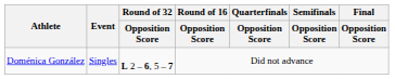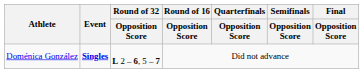 <table class="wikitable" border="1" style="font-size:90%">
 <tr>
 <th rowspan=2>Athlete</th>
 <th rowspan=2>Event</th>
 <th>Round of 32</th>
 <th>Round of 16</th>
 <th>Quarterfinals</th>
 <th>Semifinals</th>
 <th>Final</th>
 </tr>
 <tr>
 <th>Opposition<br>Score</th>
 <th>Opposition<br>Score</th>
 <th>Opposition<br>Score</th>
 <th>Opposition<br>Score</th>
 <th>Opposition<br>Score</th>
 </tr>
 <tr>
 <td><a href='#'>Doménica González</a></td>
-<td><a href='#'>Singles</a></td>
+<td><strong><a href='#'>Singles</a></strong></td>
 <td align=center><br><strong>L</strong> 2 – <strong>6</strong>, 5 – <strong>7</strong></td>
 <td align="center" colspan="7">Did not advance</td>
 </tr>
 </table>
